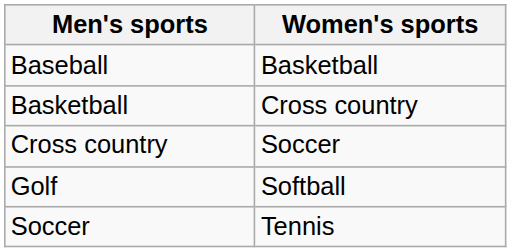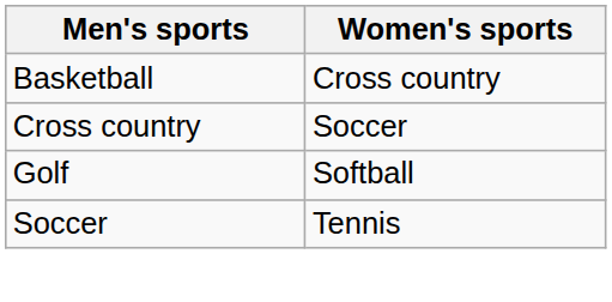 <table class="wikitable"; style= "text-align: ">
 <tr>
 <th width=150px>Men's sports</th>
 <th width=150px>Women's sports</th>
-</tr>
-<tr>
-<td>Baseball</td>
-<td>Basketball</td>
 </tr>
 <tr>
 <td>Basketball</td>
 <td>Cross country</td>
 </tr>
 <tr>
 <td>Cross country</td>
 <td>Soccer</td>
 </tr>
 <tr>
 <td>Golf</td>
 <td>Softball</td>
 </tr>
 <tr>
 <td>Soccer</td>
 <td>Tennis</td>
 </tr>
 </table>
